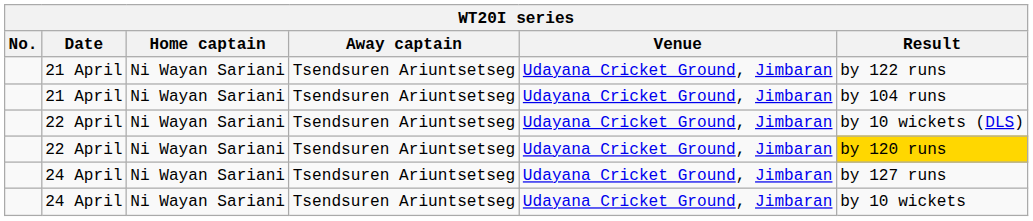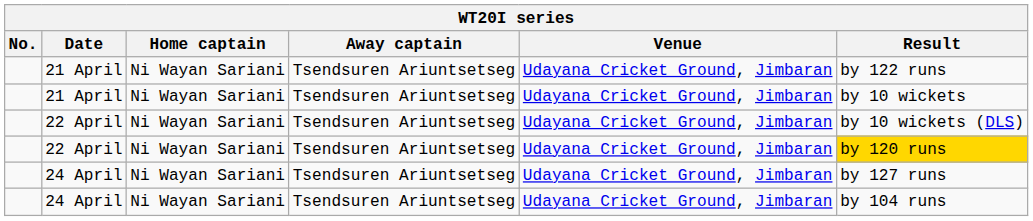 <table class="wikitable">
 <tr>
 <th colspan="6">WT20I series</th>
 </tr>
 <tr>
 <th>No.</th>
 <th>Date</th>
 <th>Home captain</th>
 <th>Away captain</th>
 <th>Venue</th>
 <th>Result</th>
 </tr>
 <tr>
 <td></td>
 <td>21 April</td>
 <td>Ni Wayan Sariani</td>
 <td>Tsendsuren Ariuntsetseg</td>
 <td><a href='#'>Udayana Cricket Ground</a>, <a href='#'>Jimbaran</a></td>
 <td> by 122 runs</td>
 </tr>
 <tr>
 <td></td>
 <td>21 April</td>
 <td>Ni Wayan Sariani</td>
 <td>Tsendsuren Ariuntsetseg</td>
 <td><a href='#'>Udayana Cricket Ground</a>, <a href='#'>Jimbaran</a></td>
-<td> by 104 runs</td>
+<td> by 10 wickets</td>
 </tr>
 <tr>
 <td></td>
 <td>22 April</td>
 <td>Ni Wayan Sariani</td>
 <td>Tsendsuren Ariuntsetseg</td>
 <td><a href='#'>Udayana Cricket Ground</a>, <a href='#'>Jimbaran</a></td>
 <td> by 10 wickets (<a href='#'>DLS</a>)</td>
 </tr>
 <tr>
 <td></td>
 <td>22 April</td>
 <td>Ni Wayan Sariani</td>
 <td>Tsendsuren Ariuntsetseg</td>
 <td><a href='#'>Udayana Cricket Ground</a>, <a href='#'>Jimbaran</a></td>
 <td style="background: gold;"> by 120 runs</td>
 </tr>
 <tr>
 <td></td>
 <td>24 April</td>
 <td>Ni Wayan Sariani</td>
 <td>Tsendsuren Ariuntsetseg</td>
 <td><a href='#'>Udayana Cricket Ground</a>, <a href='#'>Jimbaran</a></td>
 <td> by 127 runs</td>
 </tr>
 <tr>
 <td></td>
 <td>24 April</td>
 <td>Ni Wayan Sariani</td>
 <td>Tsendsuren Ariuntsetseg</td>
 <td><a href='#'>Udayana Cricket Ground</a>, <a href='#'>Jimbaran</a></td>
-<td> by 10 wickets</td>
+<td> by 104 runs</td>
 </tr>
 </table>
